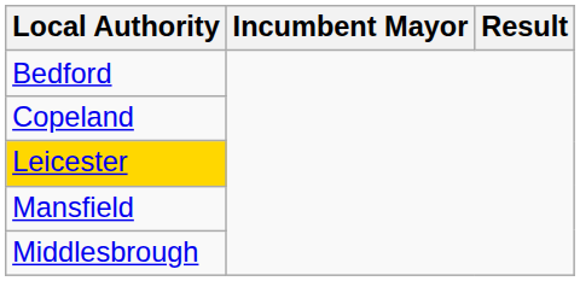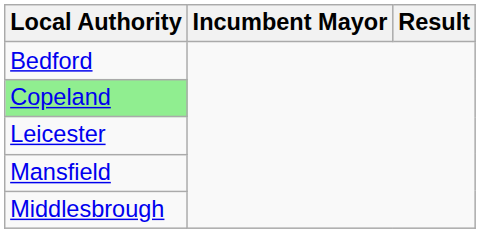 <table class="wikitable sortable" style="valign:top">
 <tr>
 <th scope="col">Local Authority</th>
 <th colspan=2>Incumbent Mayor</th>
 <th colspan=2>Result</th>
 </tr>
 <tr>
 <td scope="row" style="text-align: left;"><a href='#'>Bedford</a><br> </td>
 </tr>
 <tr>
-<td scope="row" style="text-align: left;"><a href='#'>Copeland</a><br> </td>
+<td scope="row" style="background: lightgreen; text-align: left;"><a href='#'>Copeland</a><br> </td>
 </tr>
 <tr>
-<td scope="row" style="background: gold; text-align: left;"><a href='#'>Leicester</a><br> </td>
+<td scope="row" style="text-align: left;"><a href='#'>Leicester</a><br> </td>
 </tr>
 <tr>
 <td scope="row" style="text-align: left;"><a href='#'>Mansfield</a><br> </td>
 </tr>
 <tr>
 <td scope="row" style="text-align: left;"><a href='#'>Middlesbrough</a><br> </td>
 </tr>
 </table>
